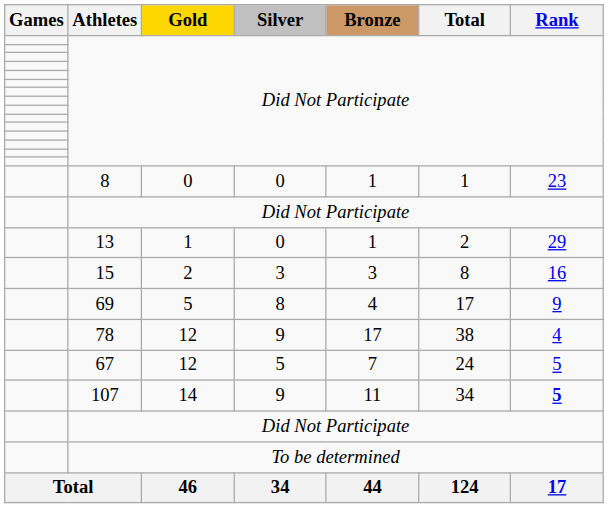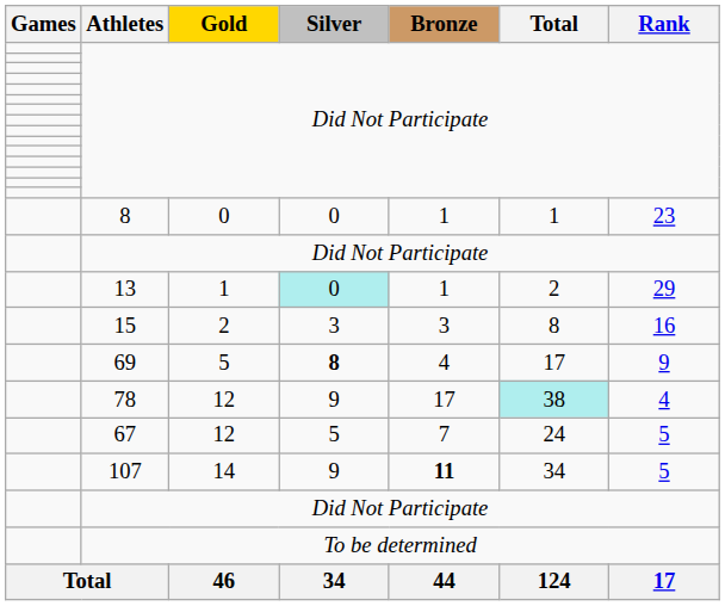 <table class="wikitable sortable" style="text-align:center; font-size:90%;">
 <tr>
 <th>Games</th>
 <th>Athletes</th>
 <th style="background:gold; width:4.5em; font-weight:bold;">Gold</th>
 <th style="background:silver; width:4.5em; font-weight:bold;">Silver</th>
 <th style="background:#cc9966; width:4.5em; font-weight:bold;">Bronze</th>
 <th style="width:4.5em; font-weight:bold;">Total</th>
 <th style="width:4.5em; font-weight:bold;"><a href='#'>Rank</a></th>
 </tr>
 <tr>
 <td align=left></td>
 <td rowspan=15 colspan=6><em>Did Not Participate</em></td>
 </tr>
 <tr>
 <td align=left></td>
 </tr>
 <tr>
 <td align=left></td>
 </tr>
 <tr>
 <td align=left></td>
 </tr>
 <tr>
 <td align=left></td>
 </tr>
 <tr>
 <td align=left></td>
 </tr>
 <tr>
 <td align=left></td>
 </tr>
 <tr>
 <td align=left></td>
 </tr>
 <tr>
 <td align=left></td>
 </tr>
 <tr>
 <td align=left></td>
 </tr>
 <tr>
 <td align=left></td>
 </tr>
 <tr>
 <td align=left></td>
 </tr>
 <tr>
 <td align=left></td>
 </tr>
 <tr>
 <td align=left></td>
 </tr>
 <tr>
 <td align=left></td>
 </tr>
 <tr>
 <td align=left></td>
 <td>8</td>
 <td>0</td>
 <td>0</td>
 <td>1</td>
 <td>1</td>
 <td><a href='#'>23</a></td>
 </tr>
 <tr>
 <td align=left></td>
 <td rowspan=1 colspan=6><em>Did Not Participate</em></td>
 </tr>
 <tr>
 <td align=left></td>
 <td>13</td>
 <td>1</td>
-<td>0</td>
+<td style="background: paleturquoise;">0</td>
 <td>1</td>
 <td>2</td>
 <td><a href='#'>29</a></td>
 </tr>
 <tr>
 <td align=left></td>
 <td>15</td>
 <td>2</td>
 <td>3</td>
 <td>3</td>
 <td>8</td>
 <td><a href='#'>16</a></td>
 </tr>
 <tr>
 <td align=left></td>
 <td>69</td>
 <td>5</td>
-<td>8</td>
+<td><strong>8</strong></td>
 <td>4</td>
 <td>17</td>
 <td><a href='#'>9</a></td>
 </tr>
 <tr>
 <td align=left></td>
 <td>78</td>
 <td>12</td>
 <td>9</td>
 <td>17</td>
-<td>38</td>
+<td style="background: paleturquoise;">38</td>
 <td><a href='#'>4</a></td>
 </tr>
 <tr>
 <td align=left></td>
 <td>67</td>
 <td>12</td>
 <td>5</td>
 <td>7</td>
 <td>24</td>
 <td><a href='#'>5</a></td>
 </tr>
 <tr>
 <td align=left></td>
 <td>107</td>
 <td>14</td>
 <td>9</td>
-<td>11</td>
+<td><strong>11</strong></td>
 <td>34</td>
-<td><strong><a href='#'>5</a></strong></td>
+<td><a href='#'>5</a></td>
 </tr>
 <tr>
 <td align=left></td>
 <td rowspan=1 colspan=6><em>Did Not Participate</em></td>
 </tr>
 <tr>
 <td align=left></td>
 <td rowspan=1 colspan=6><em>To be determined</em></td>
 </tr>
 <tr>
 <th colspan=2>Total</th>
 <th>46</th>
 <th>34</th>
 <th>44</th>
 <th>124</th>
 <th><a href='#'>17</a></th>
 </tr>
 </table>
